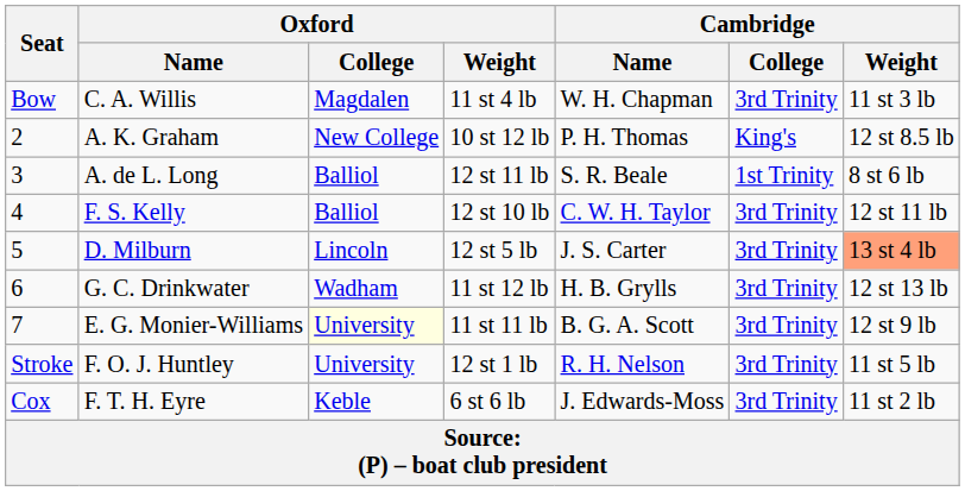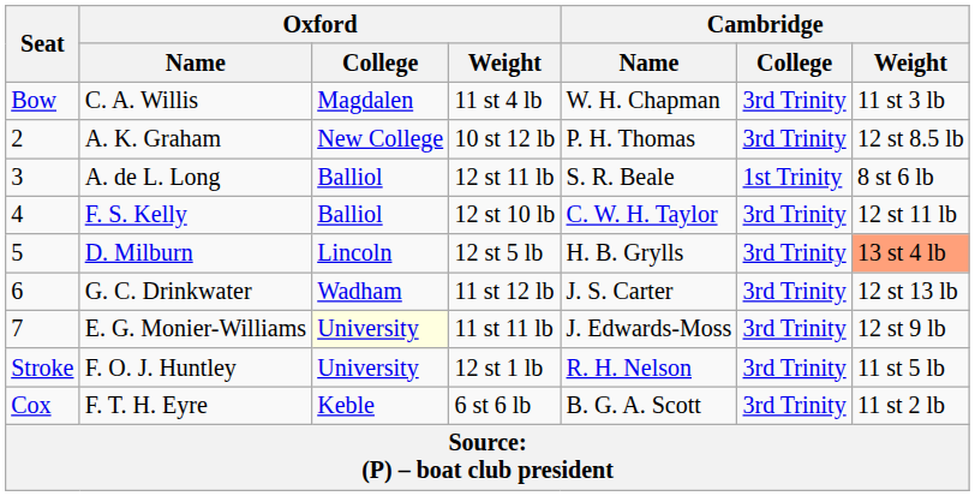 <table class="wikitable">
 <tr>
 <th rowspan="2" scope="col">Seat</th>
 <th colspan="3" scope="col">Oxford <br> </th>
 <th colspan="3" scope="col">Cambridge <br> </th>
 </tr>
 <tr>
 <th>Name</th>
 <th>College</th>
 <th>Weight</th>
 <th>Name</th>
 <th>College</th>
 <th>Weight</th>
 </tr>
 <tr>
 <td><a href='#'>Bow</a></td>
 <td>C. A. Willis</td>
 <td><a href='#'>Magdalen</a></td>
 <td>11 st 4 lb</td>
 <td>W. H. Chapman</td>
 <td><a href='#'>3rd Trinity</a></td>
 <td>11 st 3 lb</td>
 </tr>
 <tr>
 <td>2</td>
 <td>A. K. Graham</td>
 <td><a href='#'>New College</a></td>
 <td>10 st 12 lb</td>
 <td>P. H. Thomas</td>
-<td><a href='#'>King's</a></td>
+<td><a href='#'>3rd Trinity</a></td>
 <td>12 st 8.5 lb</td>
 </tr>
 <tr>
 <td>3</td>
 <td>A. de L. Long</td>
 <td><a href='#'>Balliol</a></td>
 <td>12 st 11 lb</td>
 <td>S. R. Beale</td>
 <td><a href='#'>1st Trinity</a></td>
 <td>8 st 6 lb</td>
 </tr>
 <tr>
 <td>4</td>
 <td><a href='#'>F. S. Kelly</a></td>
 <td><a href='#'>Balliol</a></td>
 <td>12 st 10 lb</td>
 <td><a href='#'>C. W. H. Taylor</a></td>
 <td><a href='#'>3rd Trinity</a></td>
 <td>12 st 11 lb</td>
 </tr>
 <tr>
 <td>5</td>
 <td><a href='#'>D. Milburn</a></td>
 <td><a href='#'>Lincoln</a></td>
 <td>12 st 5 lb</td>
-<td>J. S. Carter</td>
+<td>H. B. Grylls</td>
 <td><a href='#'>3rd Trinity</a></td>
 <td style="background: lightsalmon;">13 st 4 lb</td>
 </tr>
 <tr>
 <td>6</td>
 <td>G. C. Drinkwater</td>
 <td><a href='#'>Wadham</a></td>
 <td>11 st 12 lb</td>
-<td>H. B. Grylls</td>
+<td>J. S. Carter</td>
 <td><a href='#'>3rd Trinity</a></td>
 <td>12 st 13 lb</td>
 </tr>
 <tr>
 <td>7</td>
 <td>E. G. Monier-Williams</td>
 <td style="background: lightyellow;"><a href='#'>University</a></td>
 <td>11 st 11 lb</td>
-<td>B. G. A. Scott</td>
+<td>J. Edwards-Moss</td>
 <td><a href='#'>3rd Trinity</a></td>
 <td>12 st 9 lb</td>
 </tr>
 <tr>
 <td><a href='#'>Stroke</a></td>
 <td>F. O. J. Huntley</td>
 <td><a href='#'>University</a></td>
 <td>12 st 1 lb</td>
 <td><a href='#'>R. H. Nelson</a></td>
 <td><a href='#'>3rd Trinity</a></td>
 <td>11 st 5 lb</td>
 </tr>
 <tr>
 <td><a href='#'>Cox</a></td>
 <td>F. T. H. Eyre</td>
 <td><a href='#'>Keble</a></td>
 <td>6 st 6 lb</td>
-<td>J. Edwards-Moss</td>
+<td>B. G. A. Scott</td>
 <td><a href='#'>3rd Trinity</a></td>
 <td>11 st 2 lb</td>
 </tr>
 <tr>
 <th colspan="7">Source:<br>(P) – boat club president</th>
 </tr>
 </table>
